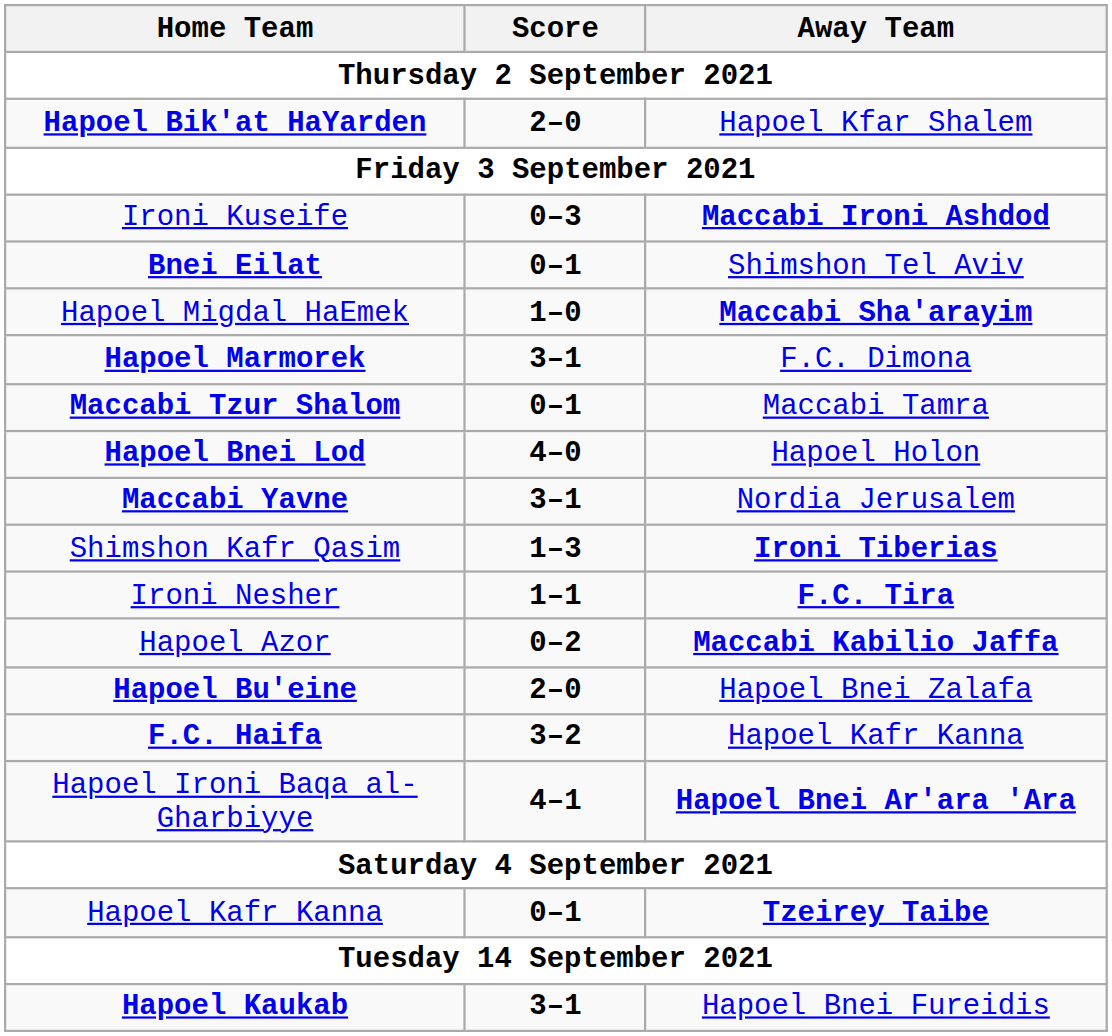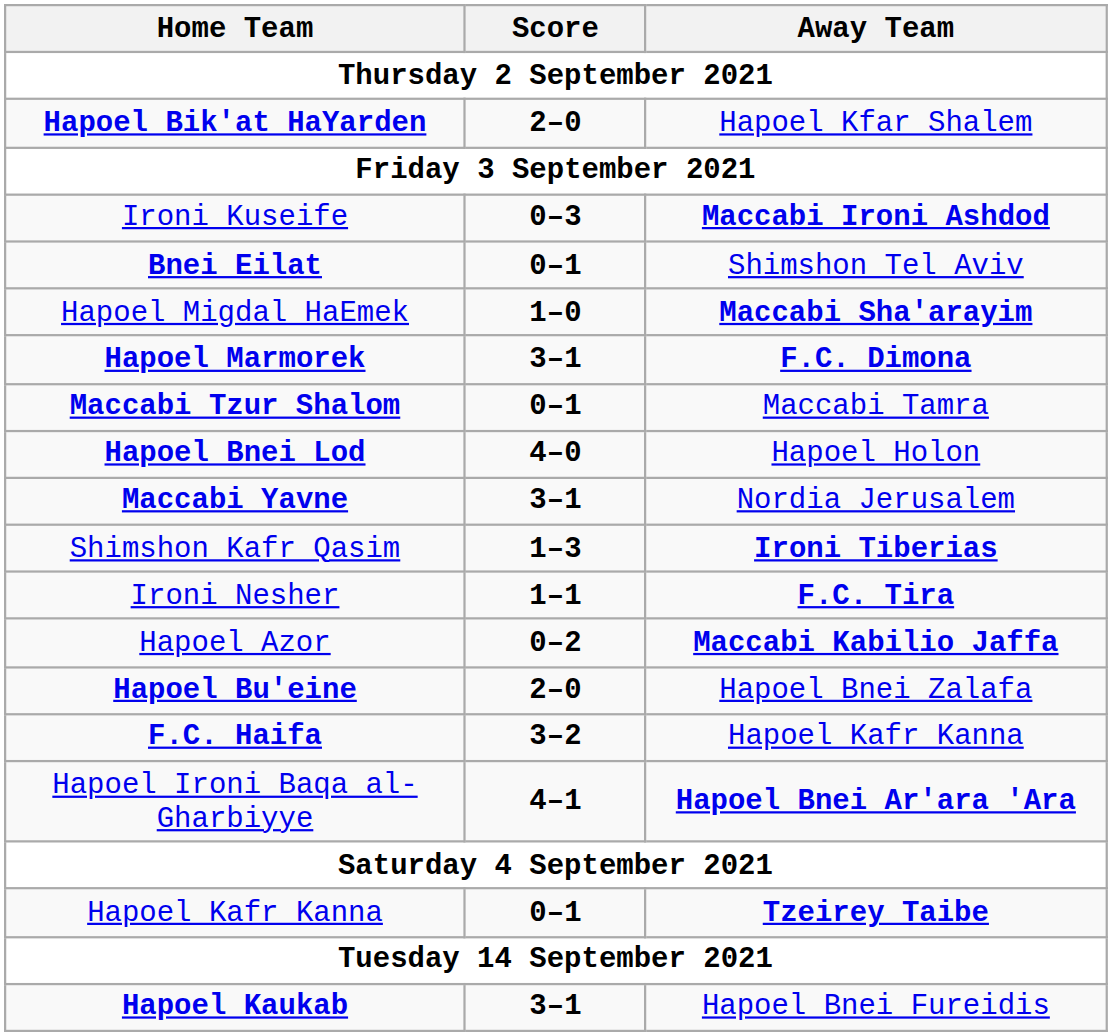 <table class="wikitable" style="text-align: center">
 <tr>
 <th width="200px">Home Team</th>
 <th width="75px">Score</th>
 <th width="200px">Away Team</th>
 </tr>
 <tr>
 <td colspan=4 bgcolor=White><strong>Thursday 2 September 2021</strong></td>
 </tr>
 <tr>
 <td><strong><a href='#'>Hapoel Bik'at HaYarden</a></strong></td>
 <td><strong>2–0</strong></td>
 <td><a href='#'>Hapoel Kfar Shalem</a></td>
 </tr>
 <tr>
 <td colspan=4 bgcolor=White><strong>Friday 3 September 2021</strong></td>
 </tr>
 <tr>
 <td><a href='#'>Ironi Kuseife</a></td>
 <td><strong>0–3</strong></td>
 <td><strong><a href='#'>Maccabi Ironi Ashdod</a></strong></td>
 </tr>
 <tr>
 <td><strong><a href='#'>Bnei Eilat</a></strong></td>
 <td><strong>0–1</strong></td>
 <td><a href='#'>Shimshon Tel Aviv</a></td>
 </tr>
 <tr>
 <td><a href='#'>Hapoel Migdal HaEmek</a></td>
 <td><strong>1–0</strong></td>
 <td><strong><a href='#'>Maccabi Sha'arayim</a></strong></td>
 </tr>
 <tr>
 <td><strong><a href='#'>Hapoel Marmorek</a></strong></td>
 <td><strong>3–1</strong></td>
-<td><a href='#'>F.C. Dimona</a></td>
+<td><strong><a href='#'>F.C. Dimona</a></strong></td>
 </tr>
 <tr>
 <td><strong><a href='#'>Maccabi Tzur Shalom</a></strong></td>
 <td><strong>0–1</strong></td>
 <td><a href='#'>Maccabi Tamra</a></td>
 </tr>
 <tr>
 <td><strong><a href='#'>Hapoel Bnei Lod</a></strong></td>
 <td><strong>4–0</strong></td>
 <td><a href='#'>Hapoel Holon</a></td>
 </tr>
 <tr>
 <td><strong><a href='#'>Maccabi Yavne</a></strong></td>
 <td><strong>3–1</strong></td>
 <td><a href='#'>Nordia Jerusalem</a></td>
 </tr>
 <tr>
 <td><a href='#'>Shimshon Kafr Qasim</a></td>
 <td><strong>1–3</strong></td>
 <td><strong><a href='#'>Ironi Tiberias</a></strong></td>
 </tr>
 <tr>
 <td><a href='#'>Ironi Nesher</a></td>
 <td><strong>1–1 </strong></td>
 <td><strong><a href='#'>F.C. Tira</a></strong></td>
 </tr>
 <tr>
 <td><a href='#'>Hapoel Azor</a></td>
 <td><strong>0–2</strong></td>
 <td><strong><a href='#'>Maccabi Kabilio Jaffa</a></strong></td>
 </tr>
 <tr>
 <td><strong><a href='#'>Hapoel Bu'eine</a></strong></td>
 <td><strong>2–0</strong></td>
 <td><a href='#'>Hapoel Bnei Zalafa</a></td>
 </tr>
 <tr>
 <td><strong><a href='#'>F.C. Haifa</a></strong></td>
 <td><strong>3–2</strong></td>
 <td><a href='#'>Hapoel Kafr Kanna</a></td>
 </tr>
 <tr>
 <td><a href='#'>Hapoel Ironi Baqa al-Gharbiyye</a></td>
 <td><strong>4–1</strong></td>
 <td><strong><a href='#'>Hapoel Bnei Ar'ara 'Ara</a></strong></td>
 </tr>
 <tr>
 <td colspan=4 bgcolor=White><strong>Saturday 4 September 2021</strong></td>
 </tr>
 <tr>
 <td><a href='#'>Hapoel Kafr Kanna</a></td>
 <td><strong>0–1</strong></td>
 <td><strong><a href='#'>Tzeirey Taibe</a></strong></td>
 </tr>
 <tr>
 <td colspan=4 bgcolor=White><strong>Tuesday 14 September 2021</strong></td>
 </tr>
 <tr>
 <td><strong><a href='#'>Hapoel Kaukab</a></strong></td>
 <td><strong>3–1</strong></td>
 <td><a href='#'>Hapoel Bnei Fureidis</a></td>
 </tr>
 </table>
